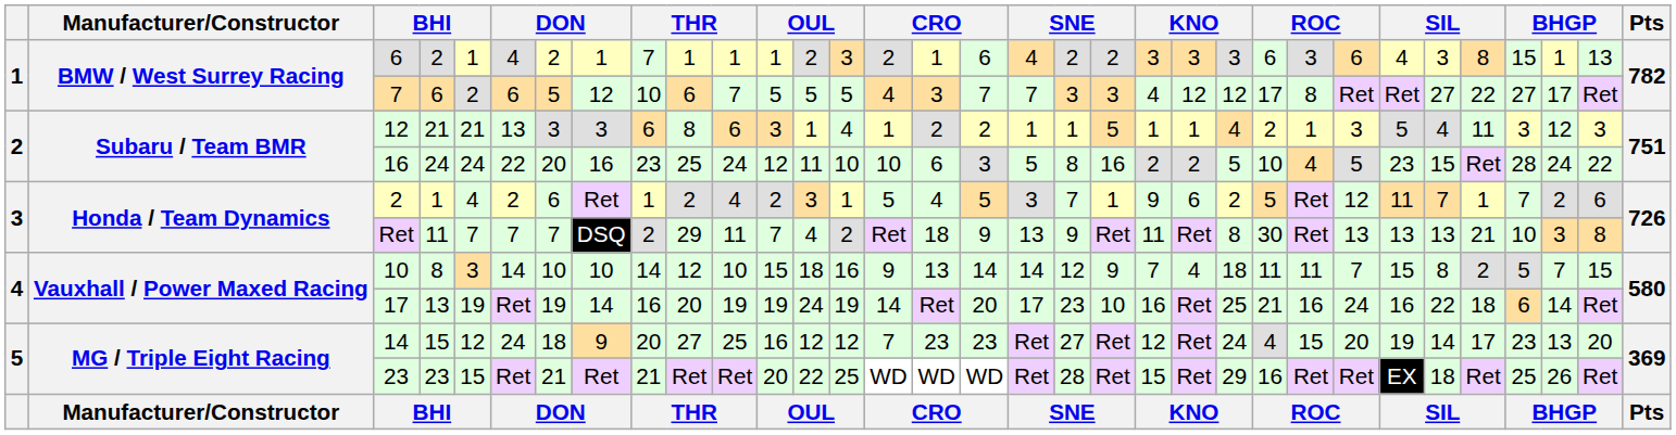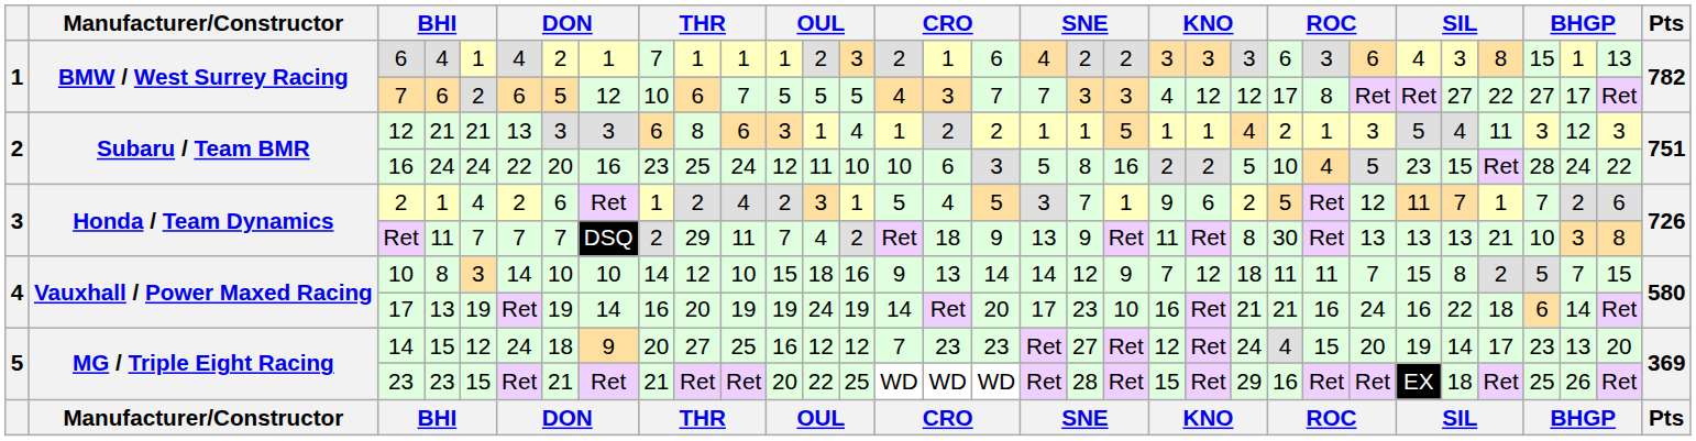 <table class="wikitable" style="font-size: 85%; text-align: center">
 <tr valign="top">
 <th valign="middle"></th>
 <th valign="middle">Manufacturer/Constructor</th>
 <th colspan="3"><a href='#'>BHI</a></th>
 <th colspan="3"><a href='#'>DON</a></th>
 <th colspan="3"><a href='#'>THR</a></th>
 <th colspan="3"><a href='#'>OUL</a></th>
 <th colspan="3"><a href='#'>CRO</a></th>
 <th colspan="3"><a href='#'>SNE</a></th>
 <th colspan="3"><a href='#'>KNO</a></th>
 <th colspan="3"><a href='#'>ROC</a></th>
 <th colspan="3"><a href='#'>SIL</a></th>
 <th colspan="3"><a href='#'>BHGP</a></th>
 <th valign=middle>Pts</th>
 </tr>
 <tr>
 <th rowspan=2>1</th>
 <th rowspan=2 align=left><a href='#'>BMW</a> / <a href='#'>West Surrey Racing</a></th>
 <td style="background:#dfdfdf;">6</td>
-<td style="background:#dfdfdf;">2</td>
+<td style="background:#dfdfdf;">4</td>
 <td style="background:#ffffbf;">1</td>
 <td style="background:#dfdfdf;">4</td>
 <td style="background:#ffffbf;">2</td>
 <td style="background:#ffffbf;">1</td>
 <td style="background:#dfffdf;">7</td>
 <td style="background:#ffffbf;">1</td>
 <td style="background:#ffffbf;">1</td>
 <td style="background:#ffffbf;">1</td>
 <td style="background:#dfdfdf;">2</td>
 <td style="background:#ffdf9f;">3</td>
 <td style="background:#dfdfdf;">2</td>
 <td style="background:#ffffbf;">1</td>
 <td style="background:#dfffdf;">6</td>
 <td style="background:#ffdf9f;">4</td>
 <td style="background:#dfdfdf;">2</td>
 <td style="background:#dfdfdf;">2</td>
 <td style="background:#ffdf9f;">3</td>
 <td style="background:#ffdf9f;">3</td>
 <td style="background:#dfdfdf;">3</td>
 <td style="background:#dfffdf;">6</td>
 <td style="background:#dfdfdf;">3</td>
 <td style="background:#ffdf9f;">6</td>
 <td style="background:#ffffbf;">4</td>
 <td style="background:#ffffbf;">3</td>
 <td style="background:#ffdf9f;">8</td>
 <td style="background:#dfffdf;">15</td>
 <td style="background:#ffffbf;">1</td>
 <td style="background:#dfffdf;">13</td>
 <th rowspan=2>782</th>
 </tr>
 <tr>
 <td style="background:#ffdf9f;">7</td>
 <td style="background:#ffdf9f;">6</td>
 <td style="background:#dfdfdf;">2</td>
 <td style="background:#ffdf9f;">6</td>
 <td style="background:#ffdf9f;">5</td>
 <td style="background:#dfffdf;">12</td>
 <td style="background:#dfffdf;">10</td>
 <td style="background:#ffdf9f;">6</td>
 <td style="background:#dfffdf;">7</td>
 <td style="background:#dfffdf;">5</td>
 <td style="background:#dfffdf;">5</td>
 <td style="background:#dfffdf;">5</td>
 <td style="background:#ffdf9f;">4</td>
 <td style="background:#ffdf9f;">3</td>
 <td style="background:#dfffdf;">7</td>
 <td style="background:#dfffdf;">7</td>
 <td style="background:#ffdf9f;">3</td>
 <td style="background:#ffdf9f;">3</td>
 <td style="background:#dfffdf;">4</td>
 <td style="background:#dfffdf;">12</td>
 <td style="background:#dfffdf;">12</td>
 <td style="background:#dfffdf;">17</td>
 <td style="background:#dfffdf;">8</td>
 <td style="background:#efcfff;">Ret</td>
 <td style="background:#efcfff;">Ret</td>
 <td style="background:#dfffdf;">27</td>
 <td style="background:#dfffdf;">22</td>
 <td style="background:#dfffdf;">27</td>
 <td style="background:#dfffdf;">17</td>
 <td style="background:#efcfff;">Ret</td>
 </tr>
 <tr>
 <th rowspan=2>2</th>
 <th rowspan=2 align=left><a href='#'>Subaru</a> / <a href='#'>Team BMR</a></th>
 <td style="background:#dfffdf;">12</td>
 <td style="background:#dfffdf;">21</td>
 <td style="background:#dfffdf;">21</td>
 <td style="background:#dfffdf;">13</td>
 <td style="background:#dfdfdf;">3</td>
 <td style="background:#dfdfdf;">3</td>
 <td style="background:#ffdf9f;">6</td>
 <td style="background:#dfffdf;">8</td>
 <td style="background:#ffdf9f;">6</td>
 <td style="background:#ffdf9f;">3</td>
 <td style="background:#ffffbf;">1</td>
 <td style="background:#dfffdf;">4</td>
 <td style="background:#ffffbf;">1</td>
 <td style="background:#dfdfdf;">2</td>
 <td style="background:#ffffbf;">2</td>
 <td style="background:#ffffbf;">1</td>
 <td style="background:#ffffbf;">1</td>
 <td style="background:#ffdf9f;">5</td>
 <td style="background:#ffffbf;">1</td>
 <td style="background:#ffffbf;">1</td>
 <td style="background:#ffdf9f;">4</td>
 <td style="background:#ffffbf;">2</td>
 <td style="background:#ffffbf;">1</td>
 <td style="background:#ffffbf;">3</td>
 <td style="background:#dfdfdf;">5</td>
 <td style="background:#dfdfdf;">4</td>
 <td style="background:#dfffdf;">11</td>
 <td style="background:#ffffbf;">3</td>
 <td style="background:#dfffdf;">12</td>
 <td style="background:#ffffbf;">3</td>
 <th rowspan=2>751</th>
 </tr>
 <tr>
 <td style="background:#dfffdf;">16</td>
 <td style="background:#dfffdf;">24</td>
 <td style="background:#dfffdf;">24</td>
 <td style="background:#dfffdf;">22</td>
 <td style="background:#dfffdf;">20</td>
 <td style="background:#dfffdf;">16</td>
 <td style="background:#dfffdf;">23</td>
 <td style="background:#dfffdf;">25</td>
 <td style="background:#dfffdf;">24</td>
 <td style="background:#dfffdf;">12</td>
 <td style="background:#dfffdf;">11</td>
 <td style="background:#dfffdf;">10</td>
 <td style="background:#dfffdf;">10</td>
 <td style="background:#dfffdf;">6</td>
 <td style="background:#dfdfdf;">3</td>
 <td style="background:#dfffdf;">5</td>
 <td style="background:#dfffdf;">8</td>
 <td style="background:#dfffdf;">16</td>
 <td style="background:#dfdfdf;">2</td>
 <td style="background:#dfdfdf;">2</td>
 <td style="background:#dfffdf;">5</td>
 <td style="background:#dfffdf;">10</td>
 <td style="background:#ffdf9f;">4</td>
 <td style="background:#dfdfdf;">5</td>
 <td style="background:#dfffdf;">23</td>
 <td style="background:#dfffdf;">15</td>
 <td style="background:#efcfff;">Ret</td>
 <td style="background:#dfffdf;">28</td>
 <td style="background:#dfffdf;">24</td>
 <td style="background:#dfffdf;">22</td>
 </tr>
 <tr>
 <th rowspan=2>3</th>
 <th rowspan=2 align=left><a href='#'>Honda</a> / <a href='#'>Team Dynamics</a></th>
 <td style="background:#ffffbf;">2</td>
 <td style="background:#ffffbf;">1</td>
 <td style="background:#dfffdf;">4</td>
 <td style="background:#ffffbf;">2</td>
 <td style="background:#dfffdf;">6</td>
 <td style="background:#efcfff;">Ret</td>
 <td style="background:#ffffbf;">1</td>
 <td style="background:#dfdfdf;">2</td>
 <td style="background:#dfdfdf;">4</td>
 <td style="background:#dfdfdf;">2</td>
 <td style="background:#ffdf9f;">3</td>
 <td style="background:#ffffbf;">1</td>
 <td style="background:#dfffdf;">5</td>
 <td style="background:#dfffdf;">4</td>
 <td style="background:#ffdf9f;">5</td>
 <td style="background:#dfdfdf;">3</td>
 <td style="background:#dfffdf;">7</td>
 <td style="background:#ffffbf;">1</td>
 <td style="background:#dfffdf;">9</td>
 <td style="background:#dfffdf;">6</td>
 <td style="background:#ffffbf;">2</td>
 <td style="background:#ffdf9f;">5</td>
 <td style="background:#efcfff;">Ret</td>
 <td style="background:#dfffdf;">12</td>
 <td style="background:#ffdf9f;">11</td>
 <td style="background:#ffdf9f;">7</td>
 <td style="background:#ffffbf;">1</td>
 <td style="background:#dfffdf;">7</td>
 <td style="background:#dfdfdf;">2</td>
 <td style="background:#dfdfdf;">6</td>
 <th rowspan=2>726</th>
 </tr>
 <tr>
 <td style="background:#efcfff;">Ret</td>
 <td style="background:#dfffdf;">11</td>
 <td style="background:#dfffdf;">7</td>
 <td style="background:#dfffdf;">7</td>
 <td style="background:#dfffdf;">7</td>
 <td style="background:#000000; color:white">DSQ</td>
 <td style="background:#dfdfdf;">2</td>
 <td style="background:#dfffdf;">29</td>
 <td style="background:#dfffdf;">11</td>
 <td style="background:#dfffdf;">7</td>
 <td style="background:#dfffdf;">4</td>
 <td style="background:#dfdfdf;">2</td>
 <td style="background:#efcfff;">Ret</td>
 <td style="background:#dfffdf;">18</td>
 <td style="background:#dfffdf;">9</td>
 <td style="background:#dfffdf;">13</td>
 <td style="background:#dfffdf;">9</td>
 <td style="background:#efcfff;">Ret</td>
 <td style="background:#dfffdf;">11</td>
 <td style="background:#efcfff;">Ret</td>
 <td style="background:#dfffdf;">8</td>
 <td style="background:#dfffdf;">30</td>
 <td style="background:#efcfff;">Ret</td>
 <td style="background:#dfffdf;">13</td>
 <td style="background:#dfffdf;">13</td>
 <td style="background:#dfffdf;">13</td>
 <td style="background:#dfffdf;">21</td>
 <td style="background:#dfffdf;">10</td>
 <td style="background:#ffdf9f;">3</td>
 <td style="background:#ffdf9f;">8</td>
 </tr>
 <tr>
 <th rowspan=2>4</th>
 <th rowspan=2 align=left nowrap><a href='#'>Vauxhall</a> / <a href='#'>Power Maxed Racing</a></th>
 <td style="background:#dfffdf;">10</td>
 <td style="background:#dfffdf;">8</td>
 <td style="background:#ffdf9f;">3</td>
 <td style="background:#dfffdf;">14</td>
 <td style="background:#dfffdf;">10</td>
 <td style="background:#dfffdf;">10</td>
 <td style="background:#dfffdf;">14</td>
 <td style="background:#dfffdf;">12</td>
 <td style="background:#dfffdf;">10</td>
 <td style="background:#dfffdf;">15</td>
 <td style="background:#dfffdf;">18</td>
 <td style="background:#dfffdf;">16</td>
 <td style="background:#dfffdf;">9</td>
 <td style="background:#dfffdf;">13</td>
 <td style="background:#dfffdf;">14</td>
 <td style="background:#dfffdf;">14</td>
 <td style="background:#dfffdf;">12</td>
 <td style="background:#dfffdf;">9</td>
 <td style="background:#dfffdf;">7</td>
-<td style="background:#dfffdf;">4</td>
+<td style="background:#dfffdf;">12</td>
 <td style="background:#dfffdf;">18</td>
 <td style="background:#dfffdf;">11</td>
 <td style="background:#dfffdf;">11</td>
 <td style="background:#dfffdf;">7</td>
 <td style="background:#dfffdf;">15</td>
 <td style="background:#dfffdf;">8</td>
 <td style="background:#dfdfdf;">2</td>
 <td style="background:#dfdfdf;">5</td>
 <td style="background:#dfffdf;">7</td>
 <td style="background:#dfffdf;">15</td>
 <th rowspan=2>580</th>
 </tr>
 <tr>
 <td style="background:#dfffdf;">17</td>
 <td style="background:#dfffdf;">13</td>
 <td style="background:#dfffdf;">19</td>
 <td style="background:#efcfff;">Ret</td>
 <td style="background:#dfffdf;">19</td>
 <td style="background:#dfffdf;">14</td>
 <td style="background:#dfffdf;">16</td>
 <td style="background:#dfffdf;">20</td>
 <td style="background:#dfffdf;">19</td>
 <td style="background:#dfffdf;">19</td>
 <td style="background:#dfffdf;">24</td>
 <td style="background:#dfffdf;">19</td>
 <td style="background:#dfffdf;">14</td>
 <td style="background:#efcfff;">Ret</td>
 <td style="background:#dfffdf;">20</td>
 <td style="background:#dfffdf;">17</td>
 <td style="background:#dfffdf;">23</td>
 <td style="background:#dfffdf;">10</td>
 <td style="background:#dfffdf;">16</td>
 <td style="background:#efcfff;">Ret</td>
-<td style="background:#dfffdf;">25</td>
+<td style="background:#dfffdf;">21</td>
 <td style="background:#dfffdf;">21</td>
 <td style="background:#dfffdf;">16</td>
 <td style="background:#dfffdf;">24</td>
 <td style="background:#dfffdf;">16</td>
 <td style="background:#dfffdf;">22</td>
 <td style="background:#dfffdf;">18</td>
 <td style="background:#ffdf9f;">6</td>
 <td style="background:#dfffdf;">14</td>
 <td style="background:#efcfff;">Ret</td>
 </tr>
 <tr>
 <th rowspan=2>5</th>
 <th rowspan=2 align=left><a href='#'>MG</a> / <a href='#'>Triple Eight Racing</a></th>
 <td style="background:#dfffdf;">14</td>
 <td style="background:#dfffdf;">15</td>
 <td style="background:#dfffdf;">12</td>
 <td style="background:#dfffdf;">24</td>
 <td style="background:#dfffdf;">18</td>
 <td style="background:#ffdf9f;">9</td>
 <td style="background:#dfffdf;">20</td>
 <td style="background:#dfffdf;">27</td>
 <td style="background:#dfffdf;">25</td>
 <td style="background:#dfffdf;">16</td>
 <td style="background:#dfffdf;">12</td>
 <td style="background:#dfffdf;">12</td>
 <td style="background:#dfffdf;">7</td>
 <td style="background:#dfffdf;">23</td>
 <td style="background:#dfffdf;">23</td>
 <td style="background:#efcfff;">Ret</td>
 <td style="background:#dfffdf;">27</td>
 <td style="background:#efcfff;">Ret</td>
 <td style="background:#dfffdf;">12</td>
 <td style="background:#efcfff;">Ret</td>
 <td style="background:#dfffdf;">24</td>
 <td style="background:#dfdfdf;">4</td>
 <td style="background:#dfffdf;">15</td>
 <td style="background:#dfffdf;">20</td>
 <td style="background:#dfffdf;">19</td>
 <td style="background:#dfffdf;">14</td>
 <td style="background:#dfffdf;">17</td>
 <td style="background:#dfffdf;">23</td>
 <td style="background:#dfffdf;">13</td>
 <td style="background:#dfffdf;">20</td>
 <th rowspan=2>369</th>
 </tr>
 <tr>
 <td style="background:#dfffdf;">23</td>
 <td style="background:#dfffdf;">23</td>
 <td style="background:#dfffdf;">15</td>
 <td style="background:#efcfff;">Ret</td>
 <td style="background:#dfffdf;">21</td>
 <td style="background:#efcfff;">Ret</td>
 <td style="background:#dfffdf;">21</td>
 <td style="background:#efcfff;">Ret</td>
 <td style="background:#efcfff;">Ret</td>
 <td style="background:#dfffdf;">20</td>
 <td style="background:#dfffdf;">22</td>
 <td style="background:#dfffdf;">25</td>
 <td style="background:#ffffff;">WD</td>
 <td style="background:#ffffff;">WD</td>
 <td style="background:#ffffff;">WD</td>
 <td style="background:#efcfff;">Ret</td>
 <td style="background:#dfffdf;">28</td>
 <td style="background:#efcfff;">Ret</td>
 <td style="background:#dfffdf;">15</td>
 <td style="background:#efcfff;">Ret</td>
 <td style="background:#dfffdf;">29</td>
 <td style="background:#dfffdf;">16</td>
 <td style="background:#efcfff;">Ret</td>
 <td style="background:#efcfff;">Ret</td>
 <td style="background:#000000; color:white">EX</td>
 <td style="background:#dfffdf;">18</td>
 <td style="background:#efcfff;">Ret</td>
 <td style="background:#dfffdf;">25</td>
 <td style="background:#dfffdf;">26</td>
 <td style="background:#efcfff;">Ret</td>
 </tr>
 <tr valign="top">
 <th valign="middle"></th>
 <th valign="middle">Manufacturer/Constructor</th>
 <th colspan="3"><a href='#'>BHI</a></th>
 <th colspan="3"><a href='#'>DON</a></th>
 <th colspan="3"><a href='#'>THR</a></th>
 <th colspan="3"><a href='#'>OUL</a></th>
 <th colspan="3"><a href='#'>CRO</a></th>
 <th colspan="3"><a href='#'>SNE</a></th>
 <th colspan="3"><a href='#'>KNO</a></th>
 <th colspan="3"><a href='#'>ROC</a></th>
 <th colspan="3"><a href='#'>SIL</a></th>
 <th colspan="3"><a href='#'>BHGP</a></th>
 <th valign=middle>Pts</th>
 </tr>
 </table>
